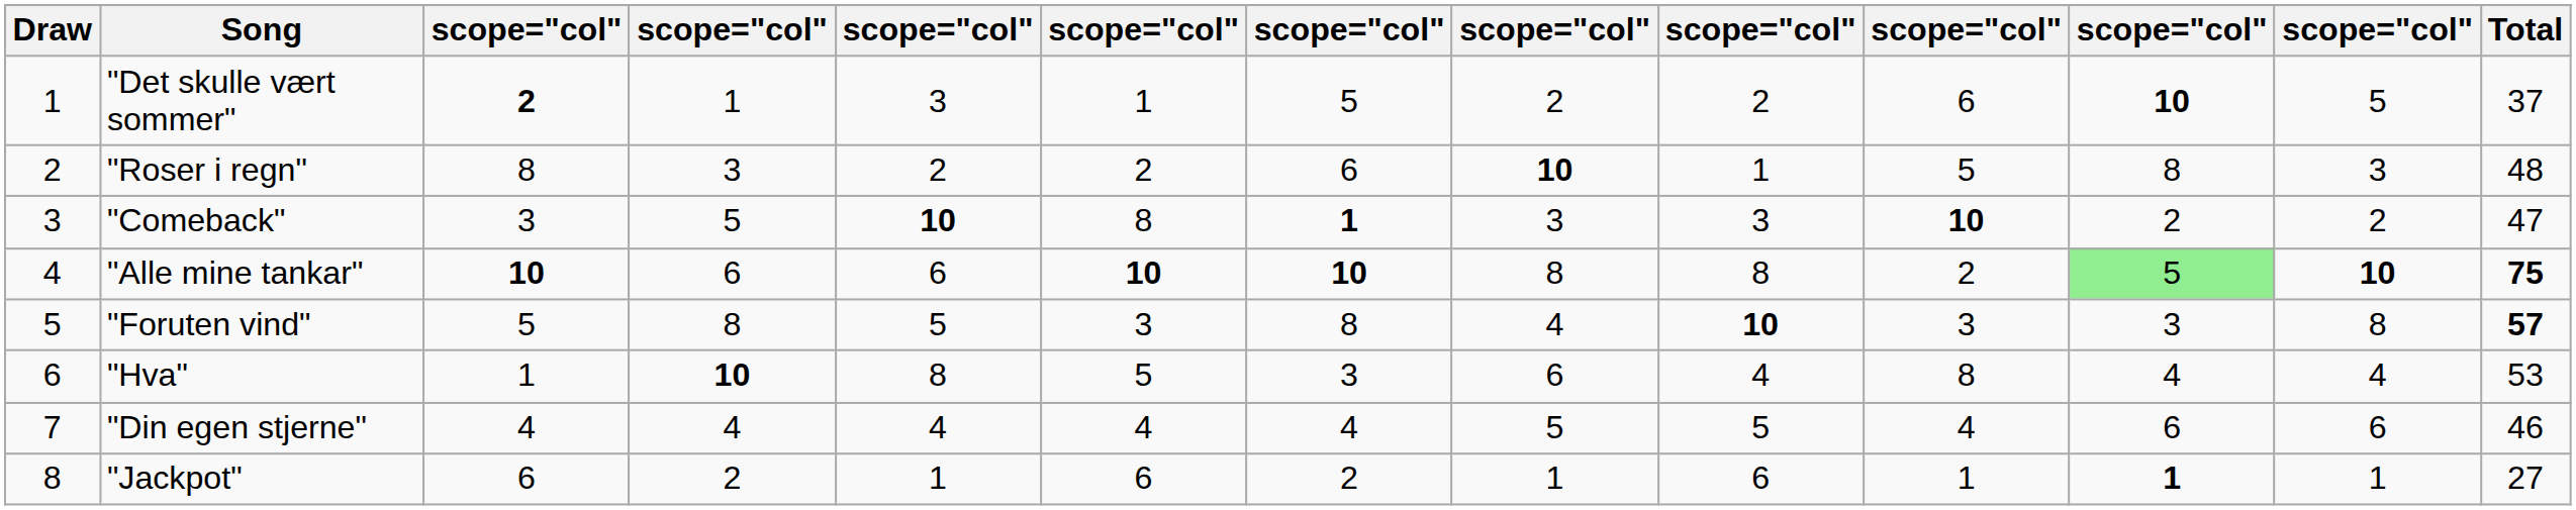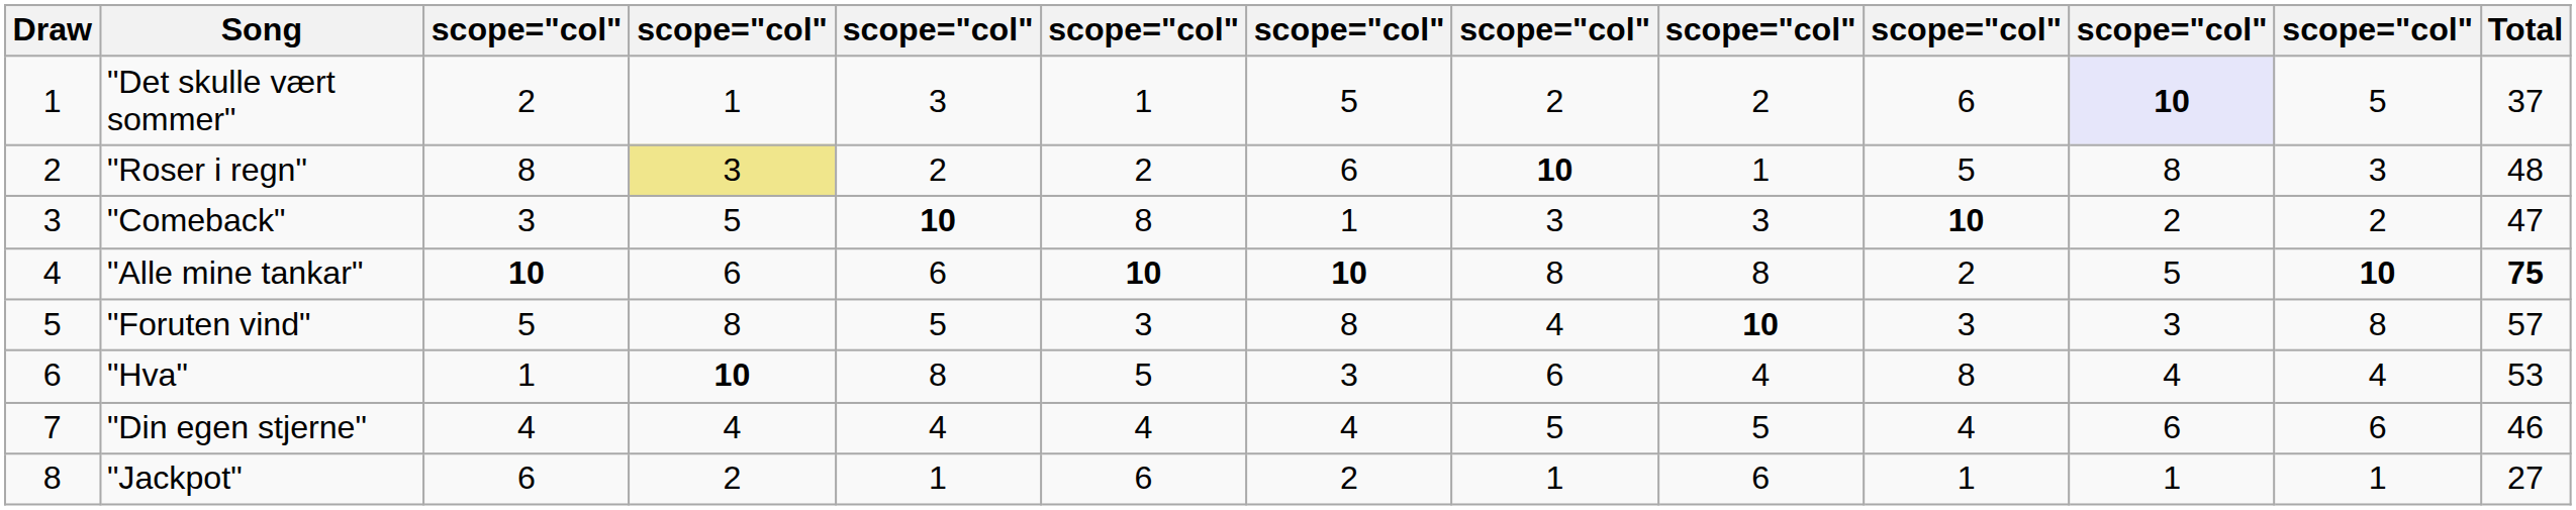 <table class="wikitable plainrowheaders" style="margin: 1em auto 1em auto; text-align:center;">
 <tr>
 </tr>
 <tr>
 <th scope="col">Draw</th>
 <th scope="col">Song</th>
 <th>scope="col" </th>
 <th>scope="col" </th>
 <th>scope="col" </th>
 <th>scope="col" </th>
 <th>scope="col" </th>
 <th>scope="col" </th>
 <th>scope="col" </th>
 <th>scope="col" </th>
 <th>scope="col" </th>
 <th>scope="col" </th>
 <th scope="col">Total</th>
 </tr>
 <tr>
 <td>1</td>
 <td align="left">"Det skulle vært sommer"</td>
-<td><strong>2</strong></td>
+<td>2</td>
 <td>1</td>
 <td>3</td>
 <td>1</td>
 <td>5</td>
 <td>2</td>
 <td>2</td>
 <td>6</td>
-<td><strong>10</strong></td>
+<td style="background: lavender;"><strong>10</strong></td>
 <td>5</td>
 <td>37</td>
 </tr>
 <tr>
 <td>2</td>
 <td align="left">"Roser i regn"</td>
 <td>8</td>
-<td>3</td>
+<td style="background: khaki;">3</td>
 <td>2</td>
 <td>2</td>
 <td>6</td>
 <td><strong>10</strong></td>
 <td>1</td>
 <td>5</td>
 <td>8</td>
 <td>3</td>
 <td>48</td>
 </tr>
 <tr>
 <td>3</td>
 <td align="left">"Comeback"</td>
 <td>3</td>
 <td>5</td>
 <td><strong>10</strong></td>
 <td>8</td>
-<td><strong>1</strong></td>
+<td>1</td>
 <td>3</td>
 <td>3</td>
 <td><strong>10</strong></td>
 <td>2</td>
 <td>2</td>
 <td>47</td>
 </tr>
 <tr>
 <td>4</td>
 <td align="left">"Alle mine tankar"</td>
 <td><strong>10</strong></td>
 <td>6</td>
 <td>6</td>
 <td><strong>10</strong></td>
 <td><strong>10</strong></td>
 <td>8</td>
 <td>8</td>
 <td>2</td>
-<td style="background: lightgreen;">5</td>
+<td>5</td>
 <td><strong>10</strong></td>
 <td><strong>75</strong></td>
 </tr>
 <tr>
 <td>5</td>
 <td align="left">"Foruten vind"</td>
 <td>5</td>
 <td>8</td>
 <td>5</td>
 <td>3</td>
 <td>8</td>
 <td>4</td>
 <td><strong>10</strong></td>
 <td>3</td>
 <td>3</td>
 <td>8</td>
-<td><strong>57</strong></td>
+<td>57</td>
 </tr>
 <tr>
 <td>6</td>
 <td align="left">"Hva"</td>
 <td>1</td>
 <td><strong>10</strong></td>
 <td>8</td>
 <td>5</td>
 <td>3</td>
 <td>6</td>
 <td>4</td>
 <td>8</td>
 <td>4</td>
 <td>4</td>
 <td>53</td>
 </tr>
 <tr>
 <td>7</td>
 <td align="left">"Din egen stjerne"</td>
 <td>4</td>
 <td>4</td>
 <td>4</td>
 <td>4</td>
 <td>4</td>
 <td>5</td>
 <td>5</td>
 <td>4</td>
 <td>6</td>
 <td>6</td>
 <td>46</td>
 </tr>
 <tr>
 <td>8</td>
 <td align="left">"Jackpot"</td>
 <td>6</td>
 <td>2</td>
 <td>1</td>
 <td>6</td>
 <td>2</td>
 <td>1</td>
 <td>6</td>
 <td>1</td>
-<td><strong>1</strong></td>
+<td>1</td>
 <td>1</td>
 <td>27</td>
 </tr>
 </table>
